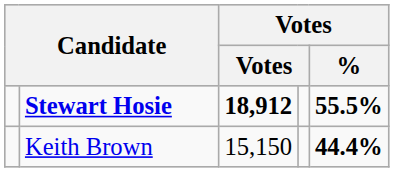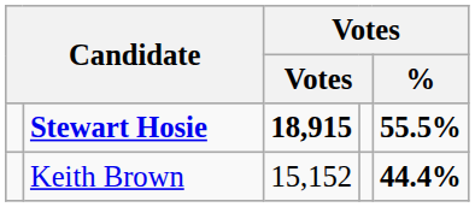 <table class=wikitable style="font-size:95%;">
 <tr>
 <th colspan="2" scope="col" rowspan="2" width="125">Candidate</th>
 <th scope="col" colspan="3" width="75">Votes</th>
 </tr>
 <tr>
 <th scope="col" colspan="2">Votes</th>
 <th>%</th>
 </tr>
 <tr align="right">
 <td style="background-color: "></td>
 <td scope="row" align="left"><strong><a href='#'>Stewart Hosie</a></strong> </td>
-<td><strong>18,912 </strong></td>
+<td><strong>18,915 </strong></td>
 <td align=center></td>
 <td><strong>55.5%</strong></td>
 </tr>
 <tr align="right">
 <td style="background-color: "></td>
 <td scope="row" align="left"><a href='#'>Keith Brown</a></td>
-<td>15,150</td>
+<td>15,152</td>
 <td align=center></td>
 <td><strong>44.4%</strong></td>
 </tr>
 </table>
